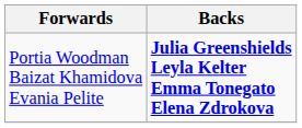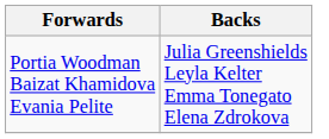 <table class=wikitable style="text-align: left;">
 <tr>
 <th align=center>Forwards</th>
 <th align=center>Backs</th>
 </tr>
 <tr>
 <td> <a href='#'>Portia Woodman</a> <br>  <a href='#'>Baizat Khamidova</a> <br>  <a href='#'>Evania Pelite</a></td>
-<td><strong> <a href='#'>Julia Greenshields</a> <br>  <a href='#'>Leyla Kelter</a> <br>  <a href='#'>Emma Tonegato</a> <br>  <a href='#'>Elena Zdrokova</a></strong></td>
+<td> <a href='#'>Julia Greenshields</a> <br>  <a href='#'>Leyla Kelter</a> <br>  <a href='#'>Emma Tonegato</a> <br>  <a href='#'>Elena Zdrokova</a></td>
 </tr>
 <tr>
 </tr>
 </table>
